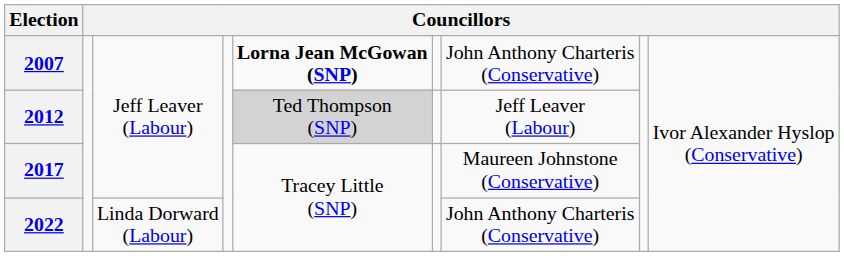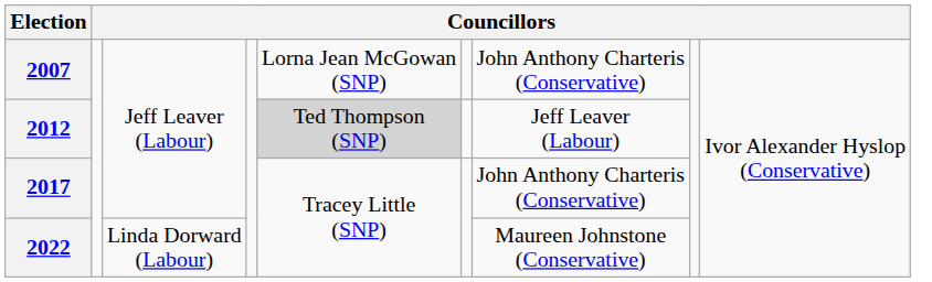 <table class="wikitable" style="text-align:center">
 <tr>
 <th>Election</th>
 <th colspan=8>Councillors</th>
 </tr>
 <tr>
 <th><a href='#'>2007</a></th>
 <td rowspan=4; style="background-color: "></td>
 <td rowspan=3>Jeff Leaver<br>(<a href='#'>Labour</a>)</td>
 <td rowspan=4; style="background-color: "></td>
-<td><strong>Lorna Jean McGowan<br>(<a href='#'>SNP</a>)</strong></td>
+<td>Lorna Jean McGowan<br>(<a href='#'>SNP</a>)</td>
 <td style="background-color: "></td>
 <td>John Anthony Charteris<br>(<a href='#'>Conservative</a>)</td>
 <td rowspan=4; style="background-color: "></td>
 <td rowspan=4>Ivor Alexander Hyslop<br>(<a href='#'>Conservative</a>)</td>
 </tr>
 <tr>
 <th><a href='#'>2012</a></th>
 <td style="background: lightgrey;">Ted Thompson<br>(<a href='#'>SNP</a>)</td>
 <td style="background-color: "></td>
 <td>Jeff Leaver<br>(<a href='#'>Labour</a>)</td>
 </tr>
 <tr>
 <th><a href='#'>2017</a></th>
 <td rowspan=2>Tracey Little<br>(<a href='#'>SNP</a>)</td>
 <td rowspan=2; style="background-color: "></td>
-<td>Maureen Johnstone<br>(<a href='#'>Conservative</a>)</td>
+<td>John Anthony Charteris<br>(<a href='#'>Conservative</a>)</td>
 </tr>
 <tr>
 <th><a href='#'>2022</a></th>
 <td>Linda Dorward<br>(<a href='#'>Labour</a>)</td>
-<td>John Anthony Charteris<br>(<a href='#'>Conservative</a>)</td>
+<td>Maureen Johnstone<br>(<a href='#'>Conservative</a>)</td>
 </tr>
 </table>
